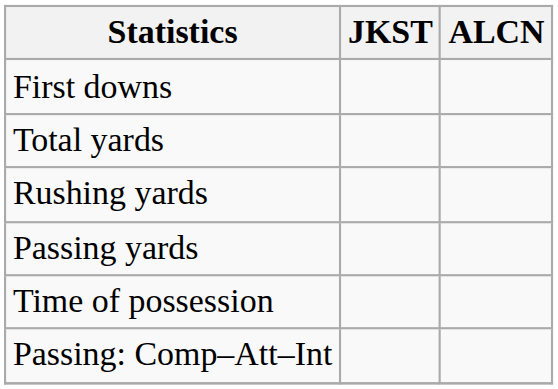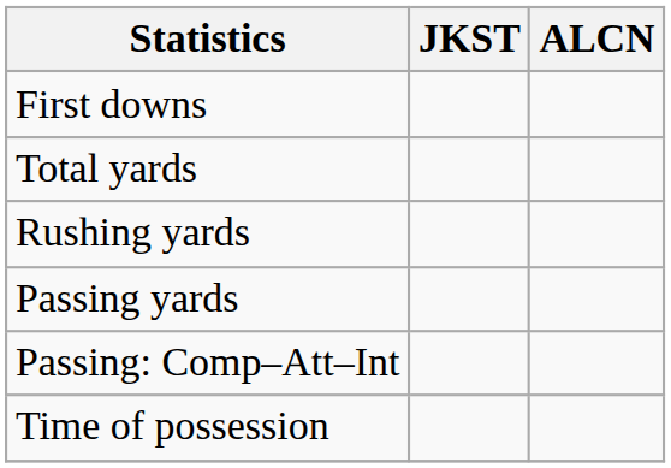 <table class="wikitable" style="float: left;">
 <tr>
 <th>Statistics</th>
 <th>JKST</th>
 <th>ALCN</th>
 </tr>
 <tr>
 <td>First downs</td>
 <td></td>
 <td></td>
 </tr>
 <tr>
 <td>Total yards</td>
 <td></td>
 <td></td>
 </tr>
 <tr>
 <td>Rushing yards</td>
 <td></td>
 <td></td>
 </tr>
 <tr>
 <td>Passing yards</td>
 <td></td>
 <td></td>
 </tr>
 <tr>
-<td>Time of possession</td>
+<td>Passing: Comp–Att–Int</td>
 <td></td>
 <td></td>
 </tr>
 <tr>
-<td>Passing: Comp–Att–Int</td>
+<td>Time of possession</td>
 <td></td>
 <td></td>
 </tr>
 <tr>
 </tr>
 </table>
